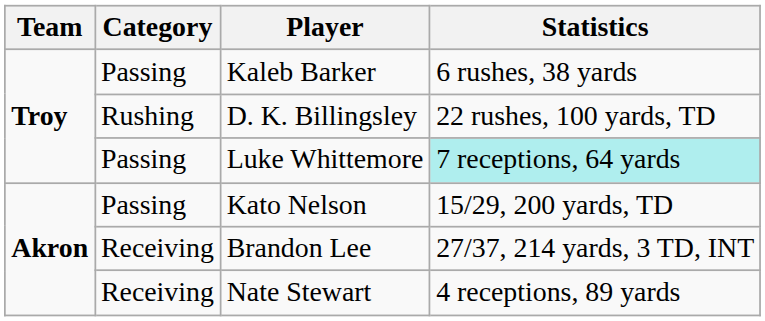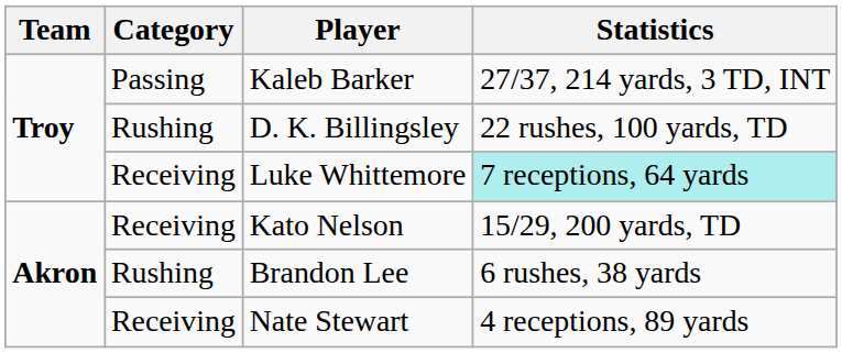 <table class="wikitable" style="float: left;">
 <tr>
 <th>Team</th>
 <th>Category</th>
 <th>Player</th>
 <th>Statistics</th>
 </tr>
 <tr>
 <td rowspan=3><strong>Troy</strong></td>
 <td>Passing</td>
 <td>Kaleb Barker</td>
-<td>6 rushes, 38 yards</td>
+<td>27/37, 214 yards, 3 TD, INT</td>
 </tr>
 <tr>
 <td>Rushing</td>
 <td>D. K. Billingsley</td>
 <td>22 rushes, 100 yards, TD</td>
 </tr>
 <tr>
-<td>Passing</td>
+<td>Receiving</td>
 <td>Luke Whittemore</td>
 <td style="background: paleturquoise;">7 receptions, 64 yards</td>
 </tr>
 <tr>
 <td rowspan=3><strong>Akron</strong></td>
-<td>Passing</td>
+<td>Receiving</td>
 <td>Kato Nelson</td>
 <td>15/29, 200 yards, TD</td>
 </tr>
 <tr>
-<td>Receiving</td>
+<td>Rushing</td>
 <td>Brandon Lee</td>
-<td>27/37, 214 yards, 3 TD, INT</td>
+<td>6 rushes, 38 yards</td>
 </tr>
 <tr>
 <td>Receiving</td>
 <td>Nate Stewart</td>
 <td>4 receptions, 89 yards</td>
 </tr>
 </table>
